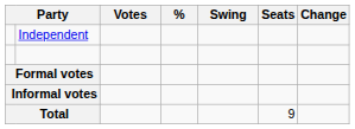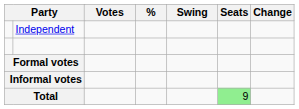 <table class="wikitable" style="text-align:right; margin-bottom:0">
 <tr>
 <th style="width:10px" colspan=3>Party</th>
 <th style="width:70px;">Votes</th>
 <th style="width:40px;">%</th>
 <th style="width:70px;">Swing</th>
 <th style="width:40px;">Seats</th>
 <th style="width:40px;">Change</th>
 </tr>
 <tr>
 <td> </td>
 <td style="text-align:left;" colspan="2"><a href='#'>Independent</a></td>
 <td style="width:70px;"></td>
 <td style="width:40px;"></td>
 <td style="width:55px;"></td>
 <td style="width:40px;"></td>
 <td style="width:55px;"></td>
 </tr>
 <tr>
 <td> </td>
 <td style="text-align:left;" colspan="2"></td>
 <td style="width:70px;"></td>
 <td style="width:40px;"></td>
 <td style="width:55px;"></td>
 <td style="width:40px;"></td>
 <td style="width:55px;"></td>
 </tr>
 <tr>
 <th colspan="3" rowspan="1"> Formal votes</th>
 <td></td>
 <td></td>
 <td></td>
 <td></td>
 <td></td>
 </tr>
 <tr>
 <th colspan="3" rowspan="1"> Informal votes</th>
 <td></td>
 <td></td>
 <td></td>
 <td></td>
 <td></td>
 </tr>
 <tr>
 <th colspan="3" rowspan="1"> <strong>Total </strong></th>
 <td></td>
 <td></td>
 <td></td>
-<td>9</td>
+<td style="background: lightgreen;">9</td>
 <td></td>
 </tr>
 </table>
